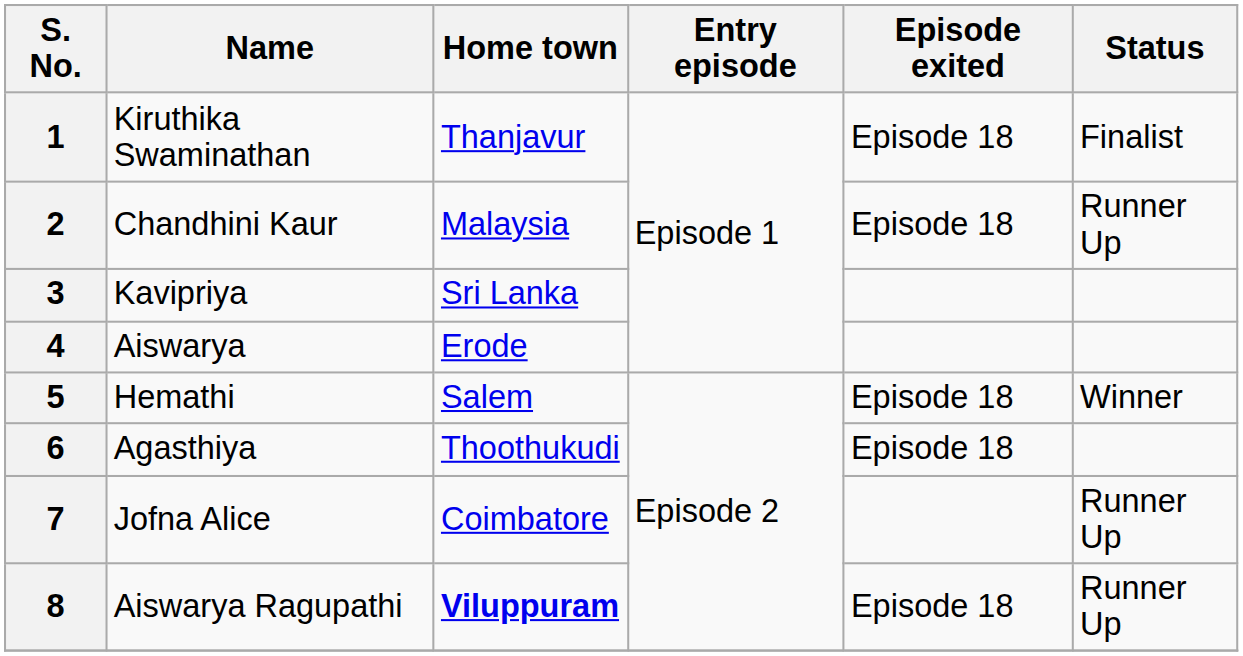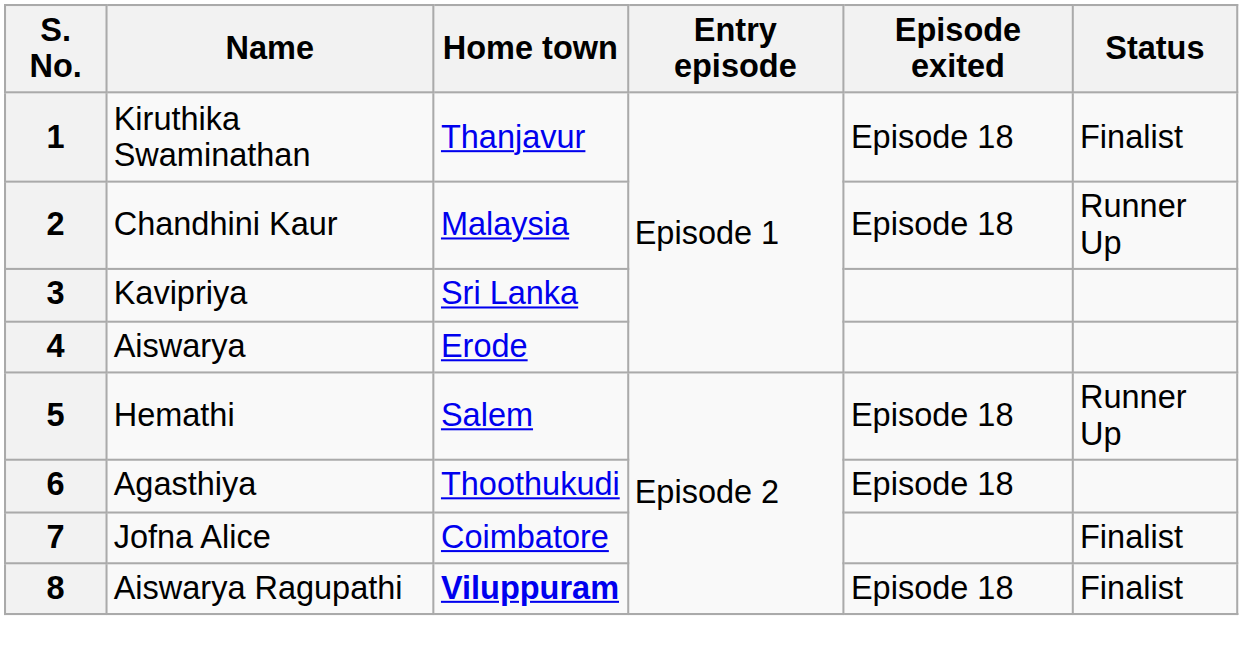 <table class="wikitable" style="align: center;">
 <tr>
 <th scope="col">S. No.</th>
 <th scope="col">Name</th>
 <th scope="col">Home town</th>
 <th scope="col">Entry episode</th>
 <th scope="col">Episode exited</th>
 <th scope="col">Status</th>
 </tr>
 <tr>
 <th scope="row">1</th>
 <td>Kiruthika Swaminathan</td>
 <td><a href='#'>Thanjavur</a></td>
 <td rowspan="4">Episode 1</td>
 <td>Episode 18</td>
 <td>Finalist</td>
 </tr>
 <tr>
 <th scope="row">2</th>
 <td>Chandhini Kaur</td>
 <td><a href='#'>Malaysia</a></td>
 <td>Episode 18</td>
 <td>Runner Up</td>
 </tr>
 <tr>
 <th scope="row">3</th>
 <td>Kavipriya</td>
 <td><a href='#'>Sri Lanka</a></td>
 <td></td>
 <td></td>
 </tr>
 <tr>
 <th scope="row">4</th>
 <td>Aiswarya</td>
 <td><a href='#'>Erode</a></td>
 <td></td>
 <td></td>
 </tr>
 <tr>
 <th scope="row">5</th>
 <td>Hemathi</td>
 <td><a href='#'>Salem</a></td>
 <td rowspan="4">Episode 2</td>
 <td>Episode 18</td>
-<td>Winner</td>
+<td>Runner Up</td>
 </tr>
 <tr>
 <th scope="row">6</th>
 <td>Agasthiya</td>
 <td><a href='#'>Thoothukudi</a></td>
 <td>Episode 18</td>
 <td></td>
 </tr>
 <tr>
 <th scope="row">7</th>
 <td>Jofna Alice</td>
 <td><a href='#'>Coimbatore</a></td>
 <td></td>
-<td>Runner Up</td>
+<td>Finalist</td>
 </tr>
 <tr>
 <th scope="row">8</th>
 <td>Aiswarya Ragupathi</td>
 <td><strong><a href='#'>Viluppuram</a></strong></td>
 <td>Episode 18</td>
-<td>Runner Up</td>
+<td>Finalist</td>
 </tr>
 <tr>
 </tr>
 </table>
